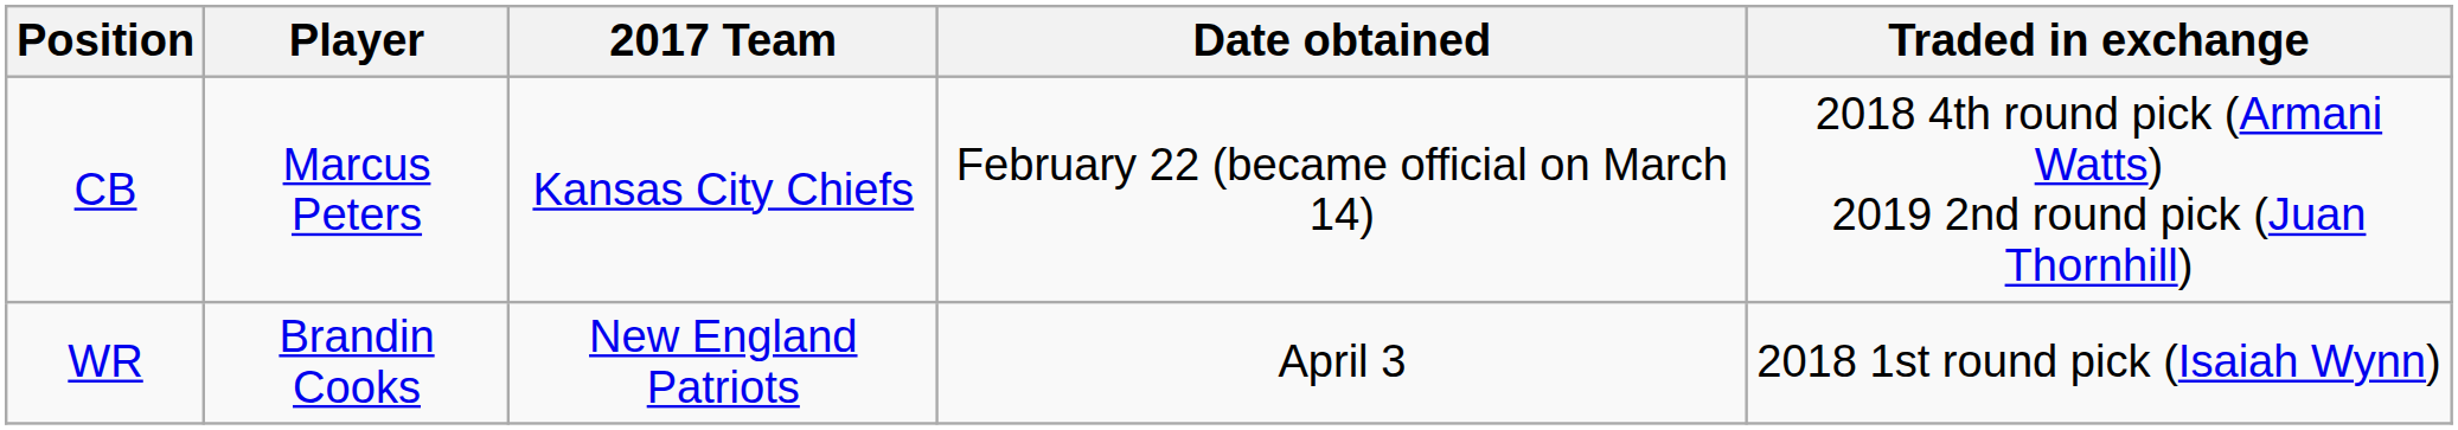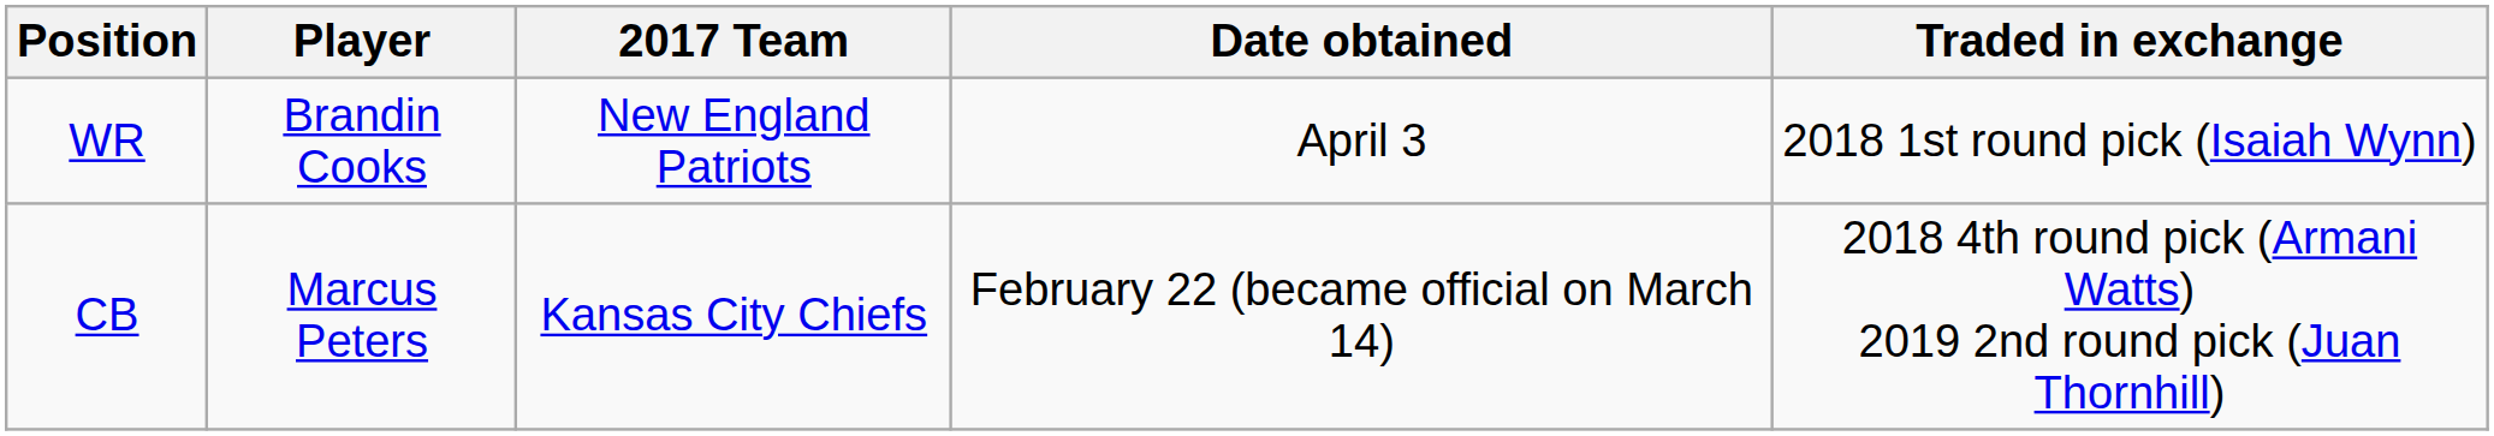 <table class="wikitable" style="text-align:center">
 <tr>
 <th>Position</th>
 <th>Player</th>
 <th>2017 Team</th>
 <th>Date obtained</th>
 <th>Traded in exchange</th>
 </tr>
 <tr>
+<td><a href='#'>WR</a></td>
+<td><a href='#'>Brandin Cooks</a></td>
+<td><a href='#'>New England Patriots</a></td>
+<td>April 3</td>
+<td>2018 1st round pick (<a href='#'>Isaiah Wynn</a>)</td>
+</tr>
+<tr>
 <td><a href='#'>CB</a></td>
 <td><a href='#'>Marcus Peters</a></td>
 <td><a href='#'>Kansas City Chiefs</a></td>
 <td>February 22 (became official on March 14)</td>
 <td>2018 4th round pick (<a href='#'>Armani Watts</a>)<br> 2019 2nd round pick (<a href='#'>Juan Thornhill</a>)</td>
 </tr>
-<tr>
-<td><a href='#'>WR</a></td>
-<td><a href='#'>Brandin Cooks</a></td>
-<td><a href='#'>New England Patriots</a></td>
-<td>April 3</td>
-<td>2018 1st round pick (<a href='#'>Isaiah Wynn</a>)</td>
-</tr>
 </table>
